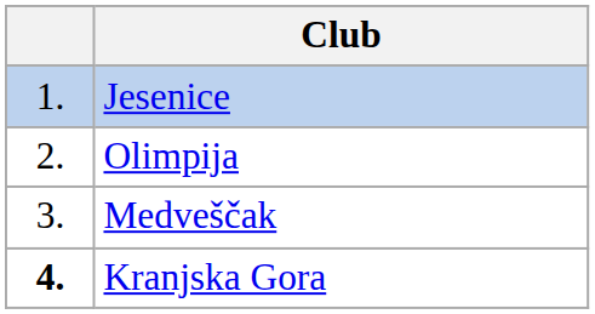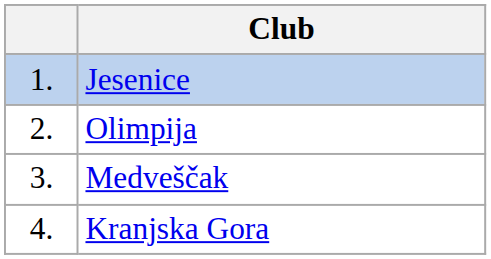 <table class="wikitable">
 <tr>
 <th width="30"></th>
 <th width="200">Club</th>
 </tr>
 <tr bgcolor="#BCD2EE" align="center">
 <td>1.</td>
 <td align="left"><a href='#'>Jesenice</a></td>
 </tr>
 <tr bgcolor="#FFFFFF" align="center">
 <td>2.</td>
 <td align="left"><a href='#'>Olimpija</a></td>
 </tr>
 <tr bgcolor="#FFFFFF" align="center">
 <td>3.</td>
 <td align="left"><a href='#'>Medveščak</a></td>
 </tr>
 <tr bgcolor="#FFFFFF" align="center">
-<td><strong>4.</strong></td>
+<td>4.</td>
 <td align="left"><a href='#'>Kranjska Gora</a></td>
 </tr>
 </table>
